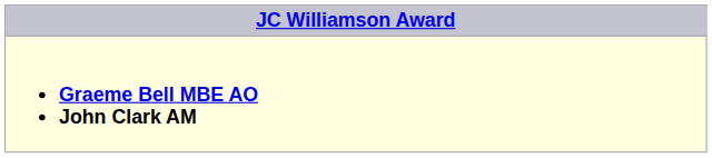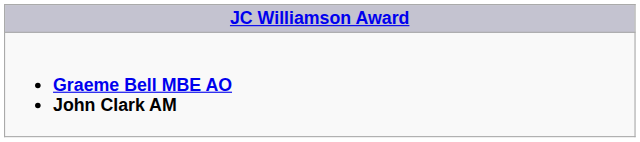 <table class=wikitable width="45%" border="1" cellpadding="5" cellspacing="0" align="centre">
 <tr>
 <th style="background:#C4C3D0;width:50%"><a href='#'>JC Williamson Award</a></th>
 </tr>
 <tr>
-<td valign="top" style="background: lightyellow;"><br><ul><li><strong><a href='#'>Graeme Bell MBE AO</a></strong></li><li><strong>John Clark AM</strong></li></ul></td>
+<td valign="top"><br><ul><li><strong><a href='#'>Graeme Bell MBE AO</a></strong></li><li><strong>John Clark AM</strong></li></ul></td>
 </tr>
 </table>
